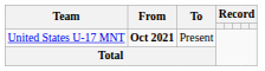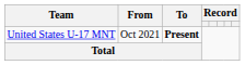 <table class=wikitable style=text-align:center>
 <tr>
 <th rowspan="2">Team</th>
 <th rowspan="2">From</th>
 <th rowspan="2">To</th>
 <th colspan="5">Record</th>
 </tr>
 <tr>
 <th></th>
 <th></th>
 <th></th>
 <th></th>
 <th></th>
 </tr>
 <tr>
 <td align=left><a href='#'>United States U-17 MNT</a></td>
-<td align=left><strong>Oct 2021</strong></td>
-<td align=left>Present<br></td>
+<td align=left>Oct 2021</td>
+<td align=left><strong>Present<br></strong></td>
 </tr>
 <tr>
 <th colspan="3">Total<br></th>
 </tr>
 </table>
